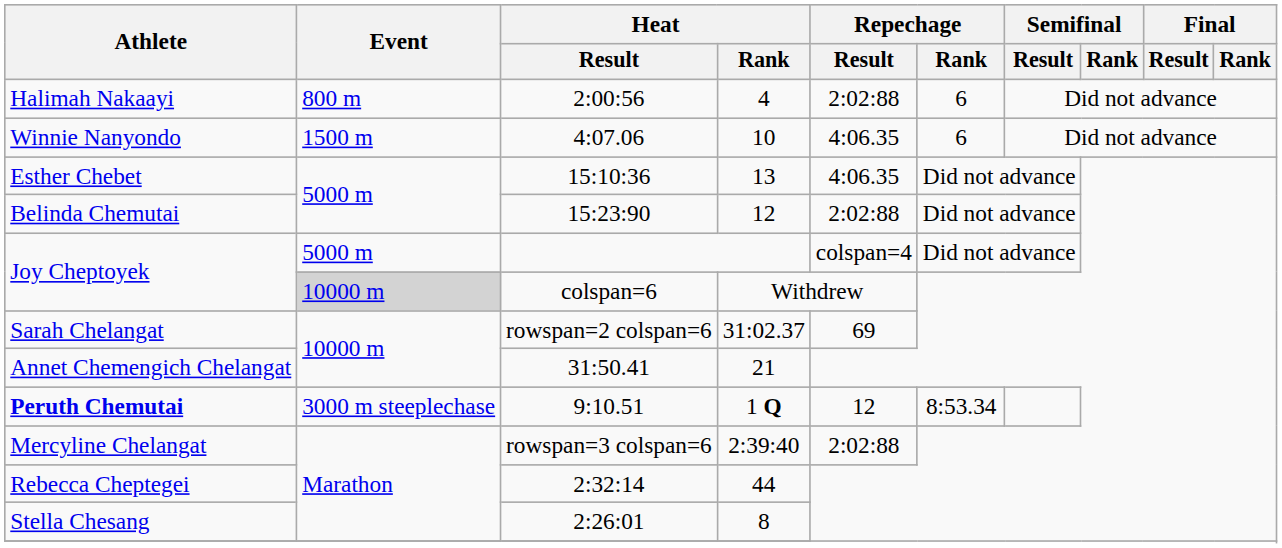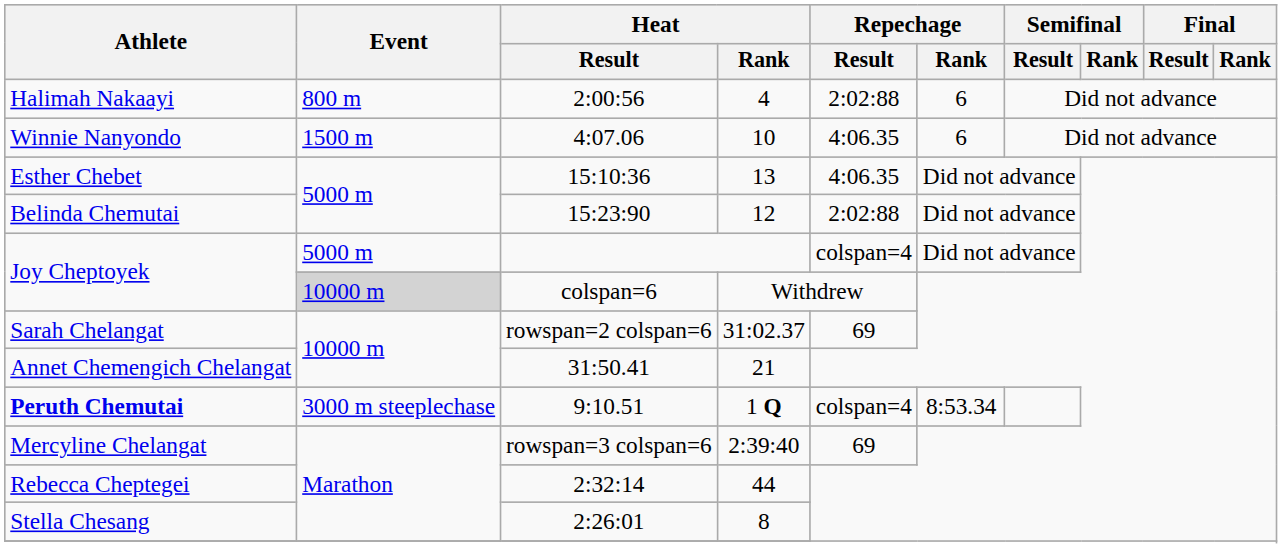 <table class="wikitable" style="font-size:90%">
 <tr>
 <th rowspan="2">Athlete</th>
 <th rowspan="2">Event</th>
 <th colspan="2">Heat</th>
 <th colspan="2">Repechage</th>
 <th colspan="2">Semifinal</th>
 <th colspan="2">Final</th>
 </tr>
 <tr style="font-size:95%">
 <th>Result</th>
 <th>Rank</th>
 <th>Result</th>
 <th>Rank</th>
 <th>Result</th>
 <th>Rank</th>
 <th>Result</th>
 <th>Rank</th>
 </tr>
 <tr align=center>
 <td align=left><a href='#'>Halimah Nakaayi</a></td>
 <td align=left><a href='#'>800 m</a></td>
 <td>2:00:56</td>
 <td>4</td>
 <td>2:02:88</td>
 <td>6</td>
 <td colspan=4>Did not advance</td>
 </tr>
 <tr align=center>
 <td align=left><a href='#'>Winnie Nanyondo</a></td>
 <td align=left><a href='#'>1500 m</a></td>
 <td>4:07.06</td>
 <td>10</td>
 <td>4:06.35</td>
 <td>6</td>
 <td colspan=4>Did not advance</td>
 </tr>
 <tr align=center>
 <td align=left><a href='#'>Esther Chebet</a></td>
 <td align=left rowspan=2><a href='#'>5000 m</a></td>
 <td>15:10:36</td>
 <td>13</td>
 <td>4:06.35</td>
 <td colspan=2>Did not advance</td>
 </tr>
 <tr align=center>
 <td align=left><a href='#'>Belinda Chemutai</a></td>
 <td>15:23:90</td>
 <td>12</td>
 <td>2:02:88</td>
 <td colspan=2>Did not advance</td>
 </tr>
 <tr align=center>
 <td align=left rowspan=2><a href='#'>Joy Cheptoyek</a></td>
 <td align=left><a href='#'>5000 m</a></td>
 <td colspan=2></td>
 <td>colspan=4</td>
 <td colspan=2>Did not advance</td>
 </tr>
 <tr align=center>
 <td align=left style="background: lightgrey;"><a href='#'>10000 m</a></td>
 <td>colspan=6 </td>
 <td colspan=2>Withdrew</td>
 </tr>
 <tr align=center>
 <td align=left><a href='#'>Sarah Chelangat</a></td>
 <td align=left rowspan=2><a href='#'>10000 m</a></td>
 <td>rowspan=2 colspan=6 </td>
 <td>31:02.37</td>
 <td>69</td>
 </tr>
 <tr align=center>
 <td align=left><a href='#'>Annet Chemengich Chelangat</a></td>
 <td>31:50.41 <strong></strong></td>
 <td>21</td>
 </tr>
 <tr align=center>
 <td align=left><strong><a href='#'>Peruth Chemutai</a></strong></td>
 <td align=left><a href='#'>3000 m steeplechase</a></td>
 <td>9:10.51</td>
 <td>1 <strong>Q</strong></td>
-<td>12</td>
+<td>colspan=4 </td>
 <td>8:53.34 <strong></strong></td>
 <td></td>
 </tr>
 <tr align=center>
 <td align=left><a href='#'>Mercyline Chelangat</a></td>
 <td align=left rowspan=3><a href='#'>Marathon</a></td>
 <td>rowspan=3 colspan=6 </td>
 <td>2:39:40 <strong></strong></td>
-<td>2:02:88</td>
+<td>69</td>
 </tr>
 <tr align=center>
 <td align=left><a href='#'>Rebecca Cheptegei</a></td>
 <td>2:32:14 <strong></strong></td>
 <td>44</td>
 </tr>
 <tr align=center>
 <td align=left><a href='#'>Stella Chesang</a></td>
 <td>2:26:01</td>
 <td>8</td>
 </tr>
 <tr>
 </tr>
 </table>
